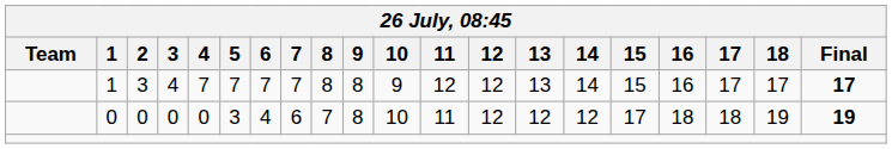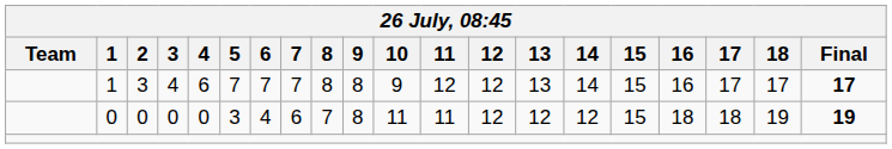 <table class=wikitable style="text-align:center; width: 55%">
 <tr>
 <th colspan=20><em>26 July, 08:45</em></th>
 </tr>
 <tr>
 <th>Team</th>
 <th>1</th>
 <th>2</th>
 <th>3</th>
 <th>4</th>
 <th>5</th>
 <th>6</th>
 <th>7</th>
 <th>8</th>
 <th>9</th>
 <th>10</th>
 <th>11</th>
 <th>12</th>
 <th>13</th>
 <th>14</th>
 <th>15</th>
 <th>16</th>
 <th>17</th>
 <th>18</th>
 <th>Final</th>
 </tr>
 <tr>
 <td align=left></td>
 <td>1</td>
 <td>3</td>
 <td>4</td>
-<td>7</td>
+<td>6</td>
 <td>7</td>
 <td>7</td>
 <td>7</td>
 <td>8</td>
 <td>8</td>
 <td>9</td>
 <td>12</td>
 <td>12</td>
 <td>13</td>
 <td>14</td>
 <td>15</td>
 <td>16</td>
 <td>17</td>
 <td>17</td>
 <td><strong>17</strong></td>
 </tr>
 <tr>
 <td align=left><strong></strong></td>
 <td>0</td>
 <td>0</td>
 <td>0</td>
 <td>0</td>
 <td>3</td>
 <td>4</td>
 <td>6</td>
 <td>7</td>
 <td>8</td>
-<td>10</td>
+<td>11</td>
 <td>11</td>
 <td>12</td>
 <td>12</td>
 <td>12</td>
-<td>17</td>
+<td>15</td>
 <td>18</td>
 <td>18</td>
 <td>19</td>
 <td><strong>19</strong></td>
 </tr>
 <tr>
 <td colspan=20></td>
 </tr>
 </table>
